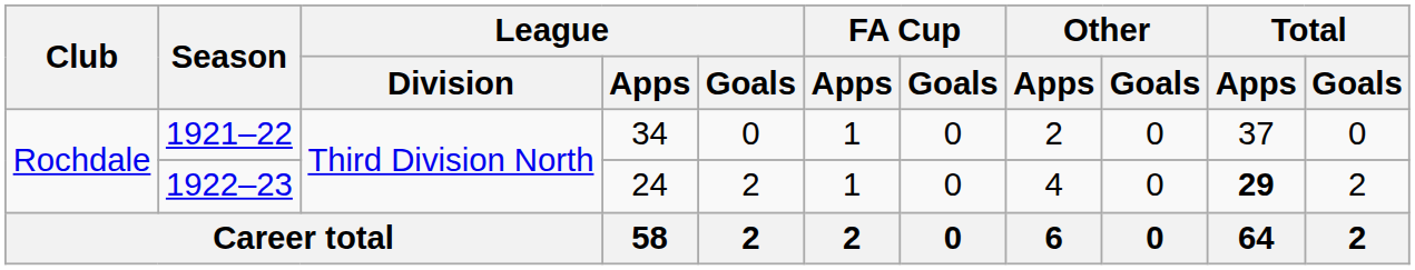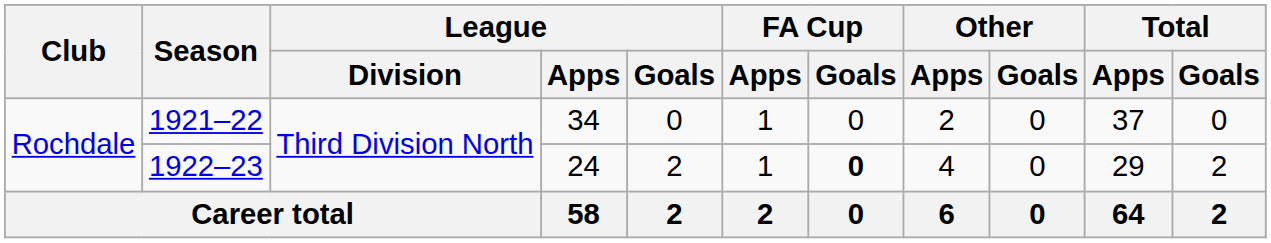 <table class="wikitable" style="text-align:center">
 <tr>
 <th rowspan="2">Club</th>
 <th rowspan="2">Season</th>
 <th colspan="3">League</th>
 <th colspan="2">FA Cup</th>
 <th colspan="2">Other</th>
 <th colspan="2">Total</th>
 </tr>
 <tr>
 <th>Division</th>
 <th>Apps</th>
 <th>Goals</th>
 <th>Apps</th>
 <th>Goals</th>
 <th>Apps</th>
 <th>Goals</th>
 <th>Apps</th>
 <th>Goals</th>
 </tr>
 <tr>
 <td rowspan="2"><a href='#'>Rochdale</a></td>
 <td><a href='#'>1921–22</a></td>
 <td rowspan="2"><a href='#'>Third Division North</a></td>
 <td>34</td>
 <td>0</td>
 <td>1</td>
 <td>0</td>
 <td>2</td>
 <td>0</td>
 <td>37</td>
 <td>0</td>
 </tr>
 <tr>
 <td><a href='#'>1922–23</a></td>
 <td>24</td>
 <td>2</td>
 <td>1</td>
-<td>0</td>
+<td><strong>0</strong></td>
 <td>4</td>
 <td>0</td>
-<td><strong>29</strong></td>
+<td>29</td>
 <td>2</td>
 </tr>
 <tr>
 <th colspan="3">Career total</th>
 <th>58</th>
 <th>2</th>
 <th>2</th>
 <th>0</th>
 <th>6</th>
 <th>0</th>
 <th>64</th>
 <th>2</th>
 </tr>
 </table>
